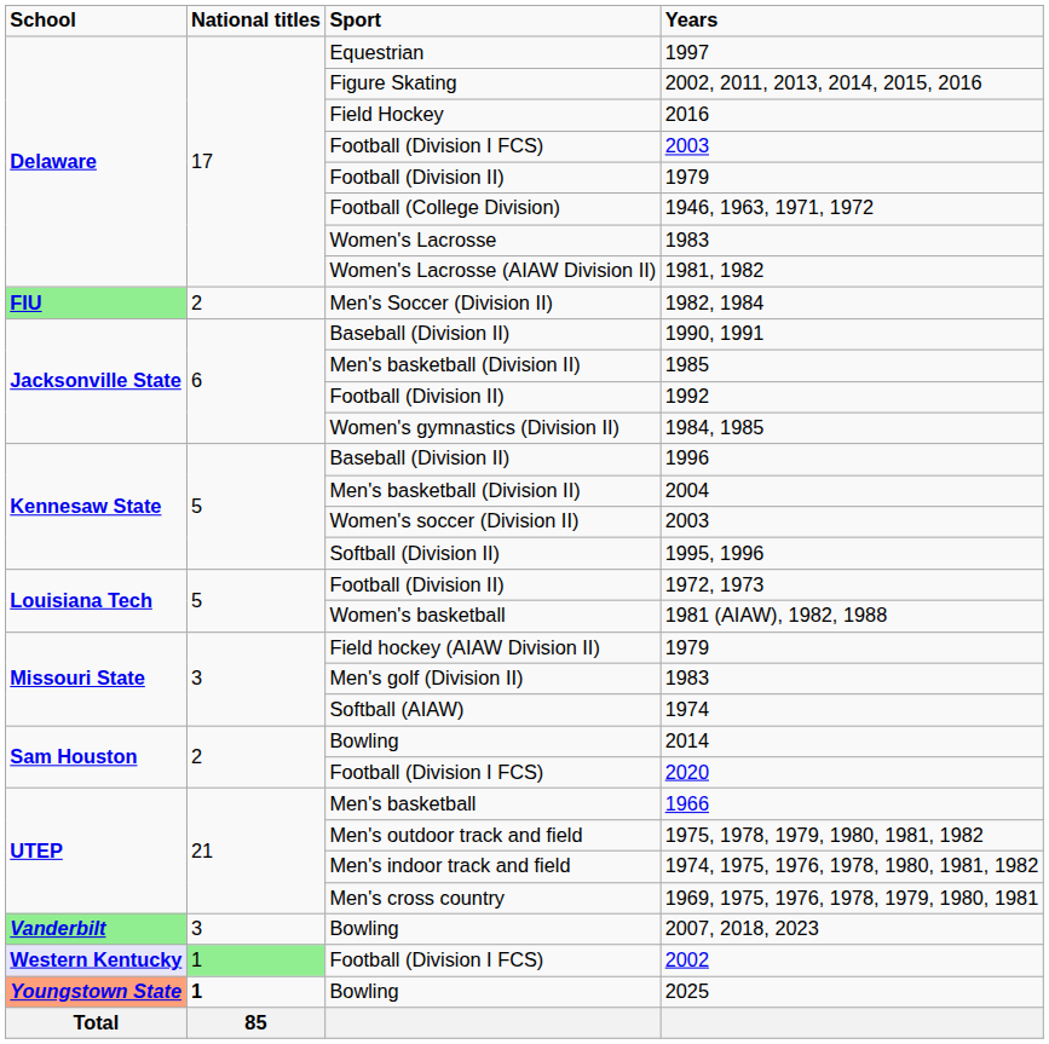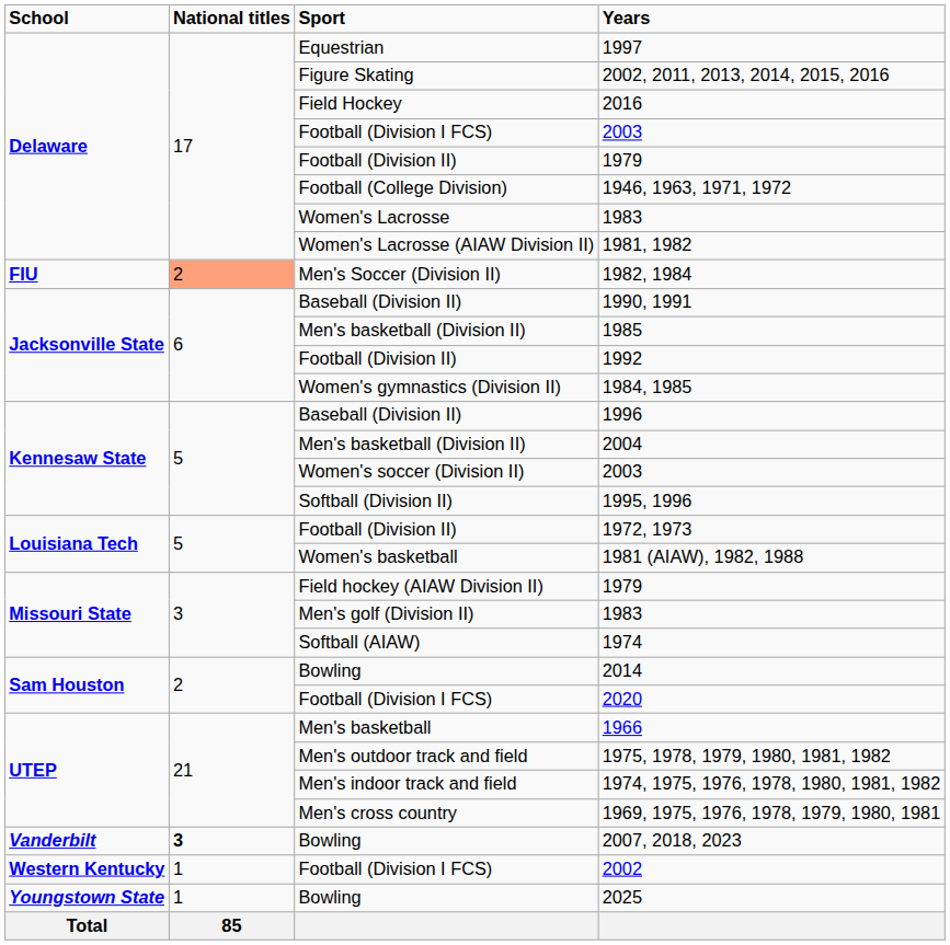 <table class="wikitable">
 <tr>
 <td><strong>School</strong></td>
 <td><strong>National titles</strong></td>
 <td><strong>Sport</strong></td>
 <td><strong>Years</strong></td>
 </tr>
 <tr>
 <td rowspan=8><strong><a href='#'>Delaware</a></strong></td>
 <td rowspan=8>17</td>
 <td>Equestrian</td>
 <td>1997</td>
 </tr>
 <tr>
 <td>Figure Skating</td>
 <td>2002, 2011, 2013, 2014, 2015, 2016</td>
 </tr>
 <tr>
 <td>Field Hockey</td>
 <td>2016</td>
 </tr>
 <tr>
 <td>Football (Division I FCS)</td>
 <td><a href='#'>2003</a></td>
 </tr>
 <tr>
 <td>Football (Division II)</td>
 <td>1979</td>
 </tr>
 <tr>
 <td>Football (College Division)</td>
 <td>1946, 1963, 1971, 1972</td>
 </tr>
 <tr>
 <td>Women's Lacrosse</td>
 <td>1983</td>
 </tr>
 <tr>
 <td>Women's Lacrosse (AIAW Division II)</td>
 <td>1981, 1982</td>
 </tr>
 <tr>
-<td style="background: lightgreen;"><strong><a href='#'>FIU</a></strong></td>
-<td>2</td>
+<td><strong><a href='#'>FIU</a></strong></td>
+<td style="background: lightsalmon;">2</td>
 <td>Men's Soccer (Division II)</td>
 <td>1982, 1984</td>
 </tr>
 <tr>
 <td rowspan=4><strong><a href='#'>Jacksonville State</a></strong></td>
 <td rowspan=4>6</td>
 <td>Baseball (Division II)</td>
 <td>1990, 1991</td>
 </tr>
 <tr>
 <td>Men's basketball (Division II)</td>
 <td>1985</td>
 </tr>
 <tr>
 <td>Football (Division II)</td>
 <td>1992</td>
 </tr>
 <tr>
 <td>Women's gymnastics (Division II)</td>
 <td>1984, 1985</td>
 </tr>
 <tr>
 <td rowspan=4><strong><a href='#'>Kennesaw State</a></strong></td>
 <td rowspan=4>5</td>
 <td>Baseball (Division II)</td>
 <td>1996</td>
 </tr>
 <tr>
 <td>Men's basketball (Division II)</td>
 <td>2004</td>
 </tr>
 <tr>
 <td>Women's soccer (Division II)</td>
 <td>2003</td>
 </tr>
 <tr>
 <td>Softball (Division II)</td>
 <td>1995, 1996</td>
 </tr>
 <tr>
 <td rowspan=2><strong><a href='#'>Louisiana Tech</a></strong></td>
 <td rowspan=2>5</td>
 <td>Football (Division II)</td>
 <td>1972, 1973</td>
 </tr>
 <tr>
 <td>Women's basketball</td>
 <td>1981 (AIAW), 1982, 1988</td>
 </tr>
 <tr>
 <td rowspan=3><strong><a href='#'>Missouri State</a></strong></td>
 <td rowspan=3>3</td>
 <td>Field hockey (AIAW Division II)</td>
 <td>1979</td>
 </tr>
 <tr>
 <td>Men's golf (Division II)</td>
 <td>1983</td>
 </tr>
 <tr>
 <td>Softball (AIAW)</td>
 <td>1974</td>
 </tr>
 <tr>
 <td rowspan=2><strong><a href='#'>Sam Houston</a></strong></td>
 <td rowspan=2>2</td>
 <td>Bowling</td>
 <td>2014</td>
 </tr>
 <tr>
 <td>Football (Division I FCS)</td>
 <td><a href='#'>2020</a></td>
 </tr>
 <tr>
 <td rowspan=4><strong><a href='#'>UTEP</a></strong></td>
 <td rowspan=4>21</td>
 <td>Men's basketball</td>
 <td><a href='#'>1966</a></td>
 </tr>
 <tr>
 <td>Men's outdoor track and field</td>
 <td>1975, 1978, 1979, 1980, 1981, 1982</td>
 </tr>
 <tr>
 <td>Men's indoor track and field</td>
 <td>1974, 1975, 1976, 1978, 1980, 1981, 1982</td>
 </tr>
 <tr>
 <td>Men's cross country</td>
 <td>1969, 1975, 1976, 1978, 1979, 1980, 1981</td>
 </tr>
 <tr>
-<td style="background: lightgreen;"><strong><em><a href='#'>Vanderbilt</a></em></strong></td>
-<td>3</td>
+<td><strong><em><a href='#'>Vanderbilt</a></em></strong></td>
+<td><strong>3</strong></td>
 <td>Bowling</td>
 <td>2007, 2018, 2023</td>
 </tr>
 <tr>
-<td style="background: lavender;"><strong><a href='#'>Western Kentucky</a></strong></td>
-<td style="background: lightgreen;">1</td>
+<td><strong><a href='#'>Western Kentucky</a></strong></td>
+<td>1</td>
 <td>Football (Division I FCS)</td>
 <td><a href='#'>2002</a></td>
 </tr>
 <tr>
-<td style="background: lightsalmon;"><strong><em><a href='#'>Youngstown State</a></em></strong></td>
-<td><strong>1</strong></td>
+<td><strong><em><a href='#'>Youngstown State</a></em></strong></td>
+<td>1</td>
 <td>Bowling</td>
 <td>2025</td>
 </tr>
 <tr>
 <th>Total</th>
 <th>85</th>
 <th></th>
 <th></th>
 </tr>
 </table>
